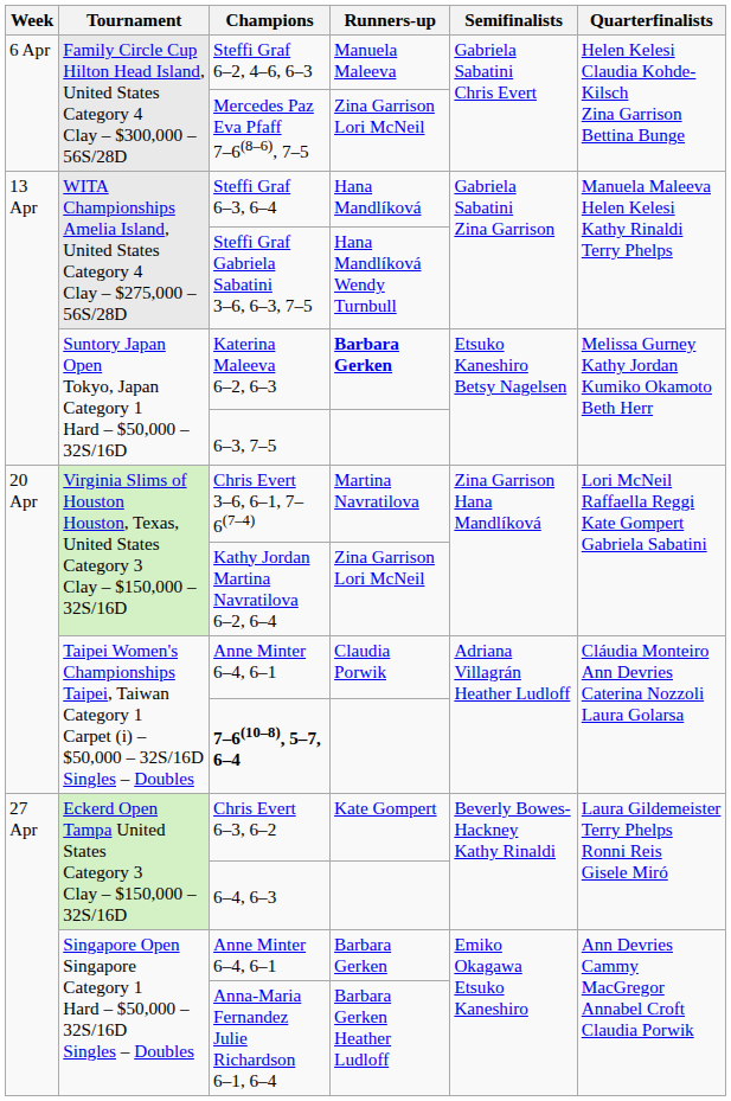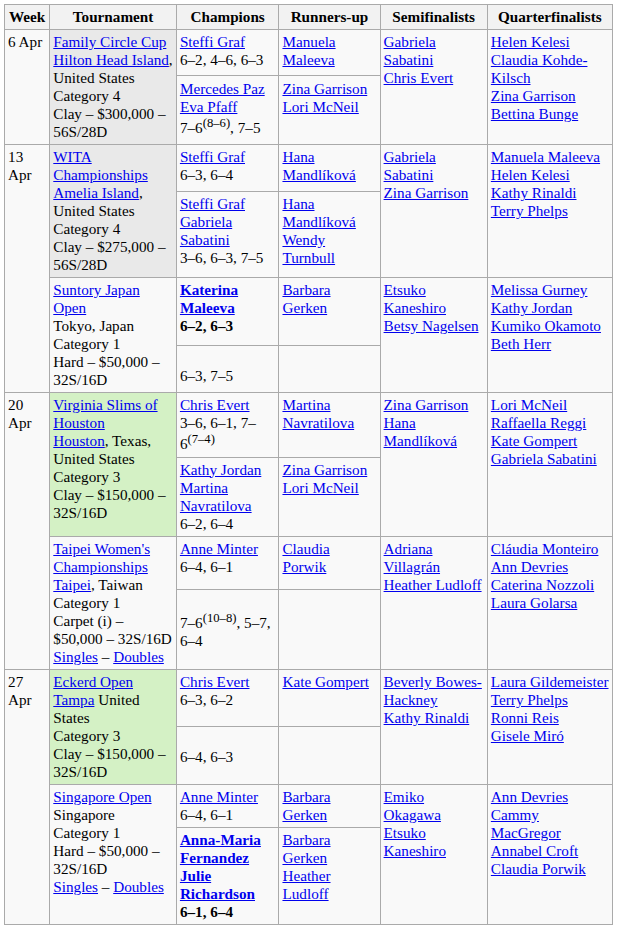 <table class=wikitable style=font-size:95%>
 <tr>
 <th style="width:48px;">Week</th>
 <th style="width:248px;">Tournament</th>
 <th style="width:200px;">Champions</th>
 <th style="width:200px;">Runners-up</th>
 <th style="width:190px;">Semifinalists</th>
 <th style="width:190px;">Quarterfinalists</th>
 </tr>
 <tr valign="top">
 <td rowspan=2>6 Apr</td>
 <td rowspan=2 style="background:#e9e9e9;"><a href='#'>Family Circle Cup</a><br><a href='#'>Hilton Head Island</a>, United States <br> Category 4 <br> Clay – $300,000 – 56S/28D</td>
 <td> <a href='#'>Steffi Graf</a><br>6–2, 4–6, 6–3</td>
 <td> <a href='#'>Manuela Maleeva</a></td>
 <td rowspan=2> <a href='#'>Gabriela Sabatini</a><br> <a href='#'>Chris Evert</a><br></td>
 <td rowspan=2> <a href='#'>Helen Kelesi</a><br> <a href='#'>Claudia Kohde-Kilsch</a><br> <a href='#'>Zina Garrison</a><br> <a href='#'>Bettina Bunge</a></td>
 </tr>
 <tr valign="top">
 <td> <a href='#'>Mercedes Paz</a><br> <a href='#'>Eva Pfaff</a><br> 7–6<sup>(8–6)</sup>, 7–5</td>
 <td> <a href='#'>Zina Garrison</a><br> <a href='#'>Lori McNeil</a></td>
 </tr>
 <tr valign="top">
 <td rowspan=4>13 Apr</td>
 <td rowspan=2 style="background:#e9e9e9;"><a href='#'>WITA Championships</a><br><a href='#'>Amelia Island</a>, United States <br> Category 4 <br> Clay – $275,000 – 56S/28D</td>
 <td> <a href='#'>Steffi Graf</a><br>6–3, 6–4</td>
 <td> <a href='#'>Hana Mandlíková</a></td>
 <td rowspan=2> <a href='#'>Gabriela Sabatini</a><br> <a href='#'>Zina Garrison</a><br></td>
 <td rowspan=2> <a href='#'>Manuela Maleeva</a><br> <a href='#'>Helen Kelesi</a><br>  <a href='#'>Kathy Rinaldi</a><br> <a href='#'>Terry Phelps</a></td>
 </tr>
 <tr valign="top">
 <td> <a href='#'>Steffi Graf</a><br> <a href='#'>Gabriela Sabatini</a><br> 3–6, 6–3, 7–5</td>
 <td> <a href='#'>Hana Mandlíková</a><br> <a href='#'>Wendy Turnbull</a></td>
 </tr>
 <tr valign="top">
 <td rowspan=2><a href='#'>Suntory Japan Open</a><br>Tokyo, Japan<br> Category 1 <br> Hard – $50,000 – 32S/16D</td>
-<td> <a href='#'>Katerina Maleeva</a><br>6–2, 6–3</td>
-<td><strong> <a href='#'>Barbara Gerken</a></strong></td>
+<td><strong> <a href='#'>Katerina Maleeva</a><br>6–2, 6–3</strong></td>
+<td> <a href='#'>Barbara Gerken</a></td>
 <td rowspan=2> <a href='#'>Etsuko Kaneshiro</a> <br> <a href='#'>Betsy Nagelsen</a></td>
 <td rowspan=2> <a href='#'>Melissa Gurney</a>  <br> <a href='#'>Kathy Jordan</a> <br> <a href='#'>Kumiko Okamoto</a> <br> <a href='#'>Beth Herr</a></td>
 </tr>
 <tr valign="top">
 <td><br>6–3, 7–5</td>
 <td></td>
 </tr>
 <tr valign="top">
 <td rowspan=4>20 Apr</td>
 <td rowspan=2 style="background:#d4f1c5;"><a href='#'>Virginia Slims of Houston</a><br><a href='#'>Houston</a>, Texas, United States <br> Category 3 <br> Clay – $150,000 – 32S/16D</td>
 <td> <a href='#'>Chris Evert</a><br>3–6, 6–1, 7–6<sup>(7–4)</sup></td>
 <td> <a href='#'>Martina Navratilova</a></td>
 <td rowspan=2> <a href='#'>Zina Garrison</a><br> <a href='#'>Hana Mandlíková</a></td>
 <td rowspan=2> <a href='#'>Lori McNeil</a><br> <a href='#'>Raffaella Reggi</a><br> <a href='#'>Kate Gompert</a><br> <a href='#'>Gabriela Sabatini</a></td>
 </tr>
 <tr valign="top">
 <td> <a href='#'>Kathy Jordan</a><br> <a href='#'>Martina Navratilova</a><br> 6–2, 6–4</td>
 <td> <a href='#'>Zina Garrison</a><br> <a href='#'>Lori McNeil</a></td>
 </tr>
 <tr valign="top">
 <td rowspan=2><a href='#'>Taipei Women's Championships</a><br><a href='#'>Taipei</a>, Taiwan <br> Category 1 <br> Carpet (i) – $50,000 – 32S/16D <br><a href='#'>Singles</a> – <a href='#'>Doubles</a></td>
 <td> <a href='#'>Anne Minter</a><br>6–4, 6–1</td>
 <td> <a href='#'>Claudia Porwik</a></td>
 <td rowspan=2> <a href='#'>Adriana Villagrán</a> <br> <a href='#'>Heather Ludloff</a></td>
 <td rowspan=2> <a href='#'>Cláudia Monteiro</a> <br> <a href='#'>Ann Devries</a><br> <a href='#'>Caterina Nozzoli</a> <br> <a href='#'>Laura Golarsa</a></td>
 </tr>
 <tr valign="top">
-<td><strong><br>7–6<sup>(10–8)</sup>, 5–7, 6–4</strong></td>
+<td><br>7–6<sup>(10–8)</sup>, 5–7, 6–4</td>
 <td></td>
 </tr>
 <tr valign="top">
 <td rowspan=4>27 Apr</td>
 <td rowspan=2 style="background:#d4f1c5;"><a href='#'>Eckerd Open</a><br><a href='#'>Tampa</a> United States <br> Category 3 <br> Clay – $150,000 – 32S/16D</td>
 <td> <a href='#'>Chris Evert</a><br>6–3, 6–2</td>
 <td> <a href='#'>Kate Gompert</a></td>
 <td rowspan=2> <a href='#'>Beverly Bowes-Hackney</a> <br> <a href='#'>Kathy Rinaldi</a></td>
 <td rowspan=2> <a href='#'>Laura Gildemeister</a> <br> <a href='#'>Terry Phelps</a> <br> <a href='#'>Ronni Reis</a> <br> <a href='#'>Gisele Miró</a></td>
 </tr>
 <tr valign="top">
 <td> <br>6–4, 6–3</td>
 <td></td>
 </tr>
 <tr valign="top">
 <td rowspan=2><a href='#'>Singapore Open</a><br>Singapore <br> Category 1 <br> Hard – $50,000 – 32S/16D <br><a href='#'>Singles</a> – <a href='#'>Doubles</a></td>
 <td> <a href='#'>Anne Minter</a><br> 6–4, 6–1</td>
 <td> <a href='#'>Barbara Gerken</a></td>
 <td rowspan=2> <a href='#'>Emiko Okagawa</a><br> <a href='#'>Etsuko Kaneshiro</a></td>
 <td rowspan=2> <a href='#'>Ann Devries</a><br> <a href='#'>Cammy MacGregor</a><br> <a href='#'>Annabel Croft</a><br> <a href='#'>Claudia Porwik</a></td>
 </tr>
 <tr valign="top">
-<td> <a href='#'>Anna-Maria Fernandez</a><br> <a href='#'>Julie Richardson</a><br>6–1, 6–4</td>
+<td><strong> <a href='#'>Anna-Maria Fernandez</a><br> <a href='#'>Julie Richardson</a><br>6–1, 6–4</strong></td>
 <td> <a href='#'>Barbara Gerken</a><br> <a href='#'>Heather Ludloff</a></td>
 </tr>
 </table>
